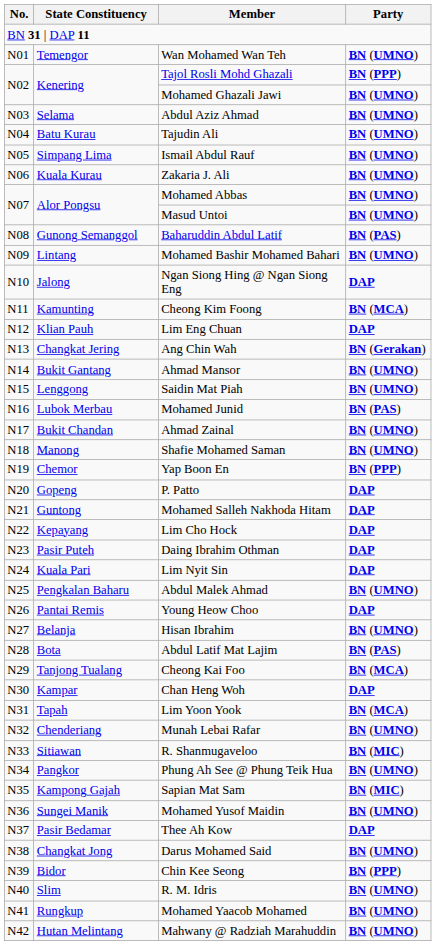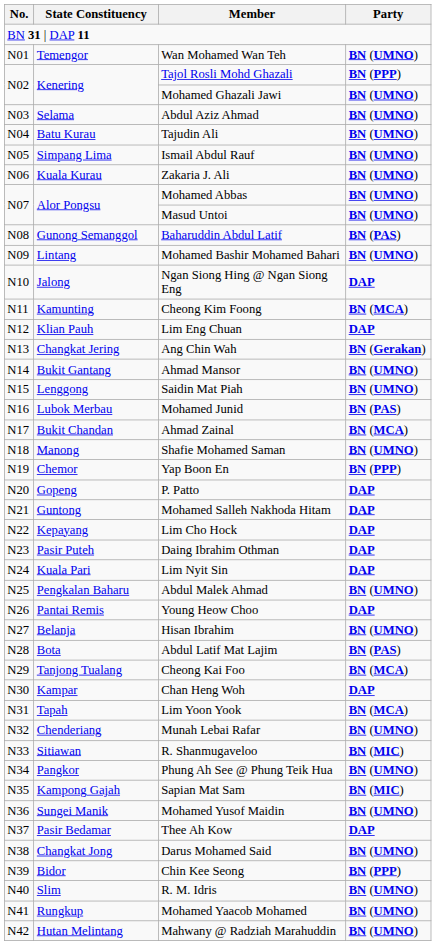 <table class="wikitable sortable">
 <tr>
 <th style="width:30px;">No.</th>
 <th style="width:150px;">State Constituency</th>
 <th style="width:230px;">Member</th>
 <th style="width:100px;">Party</th>
 </tr>
 <tr>
 <td colspan="4"><a href='#'>BN</a> <strong>31</strong> | <a href='#'>DAP</a> <strong>11</strong></td>
 </tr>
 <tr>
 <td>N01</td>
 <td><a href='#'>Temengor</a></td>
 <td>Wan Mohamed Wan Teh</td>
 <td><strong><a href='#'>BN</a></strong> (<strong><a href='#'>UMNO</a></strong>)</td>
 </tr>
 <tr>
 <td rowspan=2>N02</td>
 <td rowspan=2><a href='#'>Kenering</a></td>
 <td><a href='#'>Tajol Rosli Mohd Ghazali</a> </td>
 <td><strong><a href='#'>BN</a></strong> (<strong><a href='#'>PPP</a></strong>)</td>
 </tr>
 <tr>
 <td>Mohamed Ghazali Jawi </td>
 <td><strong><a href='#'>BN</a></strong> (<strong><a href='#'>UMNO</a></strong>)</td>
 </tr>
 <tr>
 <td>N03</td>
 <td><a href='#'>Selama</a></td>
 <td>Abdul Aziz Ahmad</td>
 <td><strong><a href='#'>BN</a></strong> (<strong><a href='#'>UMNO</a></strong>)</td>
 </tr>
 <tr>
 <td>N04</td>
 <td><a href='#'>Batu Kurau</a></td>
 <td>Tajudin Ali</td>
 <td><strong><a href='#'>BN</a></strong> (<strong><a href='#'>UMNO</a></strong>)</td>
 </tr>
 <tr>
 <td>N05</td>
 <td><a href='#'>Simpang Lima</a></td>
 <td>Ismail Abdul Rauf</td>
 <td><strong><a href='#'>BN</a></strong> (<strong><a href='#'>UMNO</a></strong>)</td>
 </tr>
 <tr>
 <td>N06</td>
 <td><a href='#'>Kuala Kurau</a></td>
 <td>Zakaria J. Ali</td>
 <td><strong><a href='#'>BN</a></strong> (<strong><a href='#'>UMNO</a></strong>)</td>
 </tr>
 <tr>
 <td rowspan=2>N07</td>
 <td rowspan=2><a href='#'>Alor Pongsu</a></td>
 <td>Mohamed Abbas </td>
 <td><strong><a href='#'>BN</a></strong> (<strong><a href='#'>UMNO</a></strong>)</td>
 </tr>
 <tr>
 <td>Masud Untoi </td>
 <td><strong><a href='#'>BN</a></strong> (<strong><a href='#'>UMNO</a></strong>)</td>
 </tr>
 <tr>
 <td>N08</td>
 <td><a href='#'>Gunong Semanggol</a></td>
 <td><a href='#'>Baharuddin Abdul Latif</a></td>
 <td><strong><a href='#'>BN</a></strong> (<strong><a href='#'>PAS</a></strong>)</td>
 </tr>
 <tr>
 <td>N09</td>
 <td><a href='#'>Lintang</a></td>
 <td>Mohamed Bashir Mohamed Bahari</td>
 <td><strong><a href='#'>BN</a></strong> (<strong><a href='#'>UMNO</a></strong>)</td>
 </tr>
 <tr>
 <td>N10</td>
 <td><a href='#'>Jalong</a></td>
 <td>Ngan Siong Hing @ Ngan Siong Eng</td>
 <td><strong><a href='#'>DAP</a></strong></td>
 </tr>
 <tr>
 <td>N11</td>
 <td><a href='#'>Kamunting</a></td>
 <td>Cheong Kim Foong</td>
 <td><strong><a href='#'>BN</a></strong> (<strong><a href='#'>MCA</a></strong>)</td>
 </tr>
 <tr>
 <td>N12</td>
 <td><a href='#'>Klian Pauh</a></td>
 <td>Lim Eng Chuan</td>
 <td><strong><a href='#'>DAP</a></strong></td>
 </tr>
 <tr>
 <td>N13</td>
 <td><a href='#'>Changkat Jering</a></td>
 <td>Ang Chin Wah</td>
 <td><strong><a href='#'>BN</a></strong> (<strong><a href='#'>Gerakan</a></strong>)</td>
 </tr>
 <tr>
 <td>N14</td>
 <td><a href='#'>Bukit Gantang</a></td>
 <td>Ahmad Mansor</td>
 <td><strong><a href='#'>BN</a></strong> (<strong><a href='#'>UMNO</a></strong>)</td>
 </tr>
 <tr>
 <td>N15</td>
 <td><a href='#'>Lenggong</a></td>
 <td>Saidin Mat Piah</td>
 <td><strong><a href='#'>BN</a></strong> (<strong><a href='#'>UMNO</a></strong>)</td>
 </tr>
 <tr>
 <td>N16</td>
 <td><a href='#'>Lubok Merbau</a></td>
 <td>Mohamed Junid</td>
 <td><strong><a href='#'>BN</a></strong> (<strong><a href='#'>PAS</a></strong>)</td>
 </tr>
 <tr>
 <td>N17</td>
 <td><a href='#'>Bukit Chandan</a></td>
 <td>Ahmad Zainal</td>
-<td><strong><a href='#'>BN</a></strong> (<strong><a href='#'>UMNO</a></strong>)</td>
+<td><strong><a href='#'>BN</a></strong> (<strong><a href='#'>MCA</a></strong>)</td>
 </tr>
 <tr>
 <td>N18</td>
 <td><a href='#'>Manong</a></td>
 <td>Shafie Mohamed Saman</td>
 <td><strong><a href='#'>BN</a></strong> (<strong><a href='#'>UMNO</a></strong>)</td>
 </tr>
 <tr>
 <td>N19</td>
 <td><a href='#'>Chemor</a></td>
 <td>Yap Boon En</td>
 <td><strong><a href='#'>BN</a></strong> (<strong><a href='#'>PPP</a></strong>)</td>
 </tr>
 <tr>
 <td>N20</td>
 <td><a href='#'>Gopeng</a></td>
 <td>P. Patto</td>
 <td><strong><a href='#'>DAP</a></strong></td>
 </tr>
 <tr>
 <td>N21</td>
 <td><a href='#'>Guntong</a></td>
 <td>Mohamed Salleh Nakhoda Hitam</td>
 <td><strong><a href='#'>DAP</a></strong></td>
 </tr>
 <tr>
 <td>N22</td>
 <td><a href='#'>Kepayang</a></td>
 <td>Lim Cho Hock</td>
 <td><strong><a href='#'>DAP</a></strong></td>
 </tr>
 <tr>
 <td>N23</td>
 <td><a href='#'>Pasir Puteh</a></td>
 <td>Daing Ibrahim Othman</td>
 <td><strong><a href='#'>DAP</a></strong></td>
 </tr>
 <tr>
 <td>N24</td>
 <td><a href='#'>Kuala Pari</a></td>
 <td>Lim Nyit Sin</td>
 <td><strong><a href='#'>DAP</a></strong></td>
 </tr>
 <tr>
 <td>N25</td>
 <td><a href='#'>Pengkalan Baharu</a></td>
 <td>Abdul Malek Ahmad</td>
 <td><strong><a href='#'>BN</a></strong> (<strong><a href='#'>UMNO</a></strong>)</td>
 </tr>
 <tr>
 <td>N26</td>
 <td><a href='#'>Pantai Remis</a></td>
 <td>Young Heow Choo</td>
 <td><strong><a href='#'>DAP</a></strong></td>
 </tr>
 <tr>
 <td>N27</td>
 <td><a href='#'>Belanja</a></td>
 <td>Hisan Ibrahim</td>
 <td><strong><a href='#'>BN</a></strong> (<strong><a href='#'>UMNO</a></strong>)</td>
 </tr>
 <tr>
 <td>N28</td>
 <td><a href='#'>Bota</a></td>
 <td>Abdul Latif Mat Lajim</td>
 <td><strong><a href='#'>BN</a></strong> (<strong><a href='#'>PAS</a></strong>)</td>
 </tr>
 <tr>
 <td>N29</td>
 <td><a href='#'>Tanjong Tualang</a></td>
 <td>Cheong Kai Foo</td>
 <td><strong><a href='#'>BN</a></strong> (<strong><a href='#'>MCA</a></strong>)</td>
 </tr>
 <tr>
 <td>N30</td>
 <td><a href='#'>Kampar</a></td>
 <td>Chan Heng Woh</td>
 <td><strong><a href='#'>DAP</a></strong></td>
 </tr>
 <tr>
 <td>N31</td>
 <td><a href='#'>Tapah</a></td>
 <td>Lim Yoon Yook</td>
 <td><strong><a href='#'>BN</a></strong> (<strong><a href='#'>MCA</a></strong>)</td>
 </tr>
 <tr>
 <td>N32</td>
 <td><a href='#'>Chenderiang</a></td>
 <td>Munah Lebai Rafar</td>
 <td><strong><a href='#'>BN</a></strong> (<strong><a href='#'>UMNO</a></strong>)</td>
 </tr>
 <tr>
 <td>N33</td>
 <td><a href='#'>Sitiawan</a></td>
 <td>R. Shanmugaveloo</td>
 <td><strong><a href='#'>BN</a></strong> (<strong><a href='#'>MIC</a></strong>)</td>
 </tr>
 <tr>
 <td>N34</td>
 <td><a href='#'>Pangkor</a></td>
 <td>Phung Ah See @ Phung Teik Hua</td>
 <td><strong><a href='#'>BN</a></strong> (<strong><a href='#'>UMNO</a></strong>)</td>
 </tr>
 <tr>
 <td>N35</td>
 <td><a href='#'>Kampong Gajah</a></td>
 <td>Sapian Mat Sam</td>
 <td><strong><a href='#'>BN</a></strong> (<strong><a href='#'>MIC</a></strong>)</td>
 </tr>
 <tr>
 <td>N36</td>
 <td><a href='#'>Sungei Manik</a></td>
 <td>Mohamed Yusof Maidin</td>
 <td><strong><a href='#'>BN</a></strong> (<strong><a href='#'>UMNO</a></strong>)</td>
 </tr>
 <tr>
 <td>N37</td>
 <td><a href='#'>Pasir Bedamar</a></td>
 <td>Thee Ah Kow</td>
 <td><strong><a href='#'>DAP</a></strong></td>
 </tr>
 <tr>
 <td>N38</td>
 <td><a href='#'>Changkat Jong</a></td>
 <td>Darus Mohamed Said</td>
 <td><strong><a href='#'>BN</a></strong> (<strong><a href='#'>UMNO</a></strong>)</td>
 </tr>
 <tr>
 <td>N39</td>
 <td><a href='#'>Bidor</a></td>
 <td>Chin Kee Seong</td>
 <td><strong><a href='#'>BN</a></strong> (<strong><a href='#'>PPP</a></strong>)</td>
 </tr>
 <tr>
 <td>N40</td>
 <td><a href='#'>Slim</a></td>
 <td>R. M. Idris</td>
 <td><strong><a href='#'>BN</a></strong> (<strong><a href='#'>UMNO</a></strong>)</td>
 </tr>
 <tr>
 <td>N41</td>
 <td><a href='#'>Rungkup</a></td>
 <td>Mohamed Yaacob Mohamed</td>
 <td><strong><a href='#'>BN</a></strong> (<strong><a href='#'>UMNO</a></strong>)</td>
 </tr>
 <tr>
 <td>N42</td>
 <td><a href='#'>Hutan Melintang</a></td>
 <td>Mahwany @ Radziah Marahuddin</td>
 <td><strong><a href='#'>BN</a></strong> (<strong><a href='#'>UMNO</a></strong>)</td>
 </tr>
 </table>
